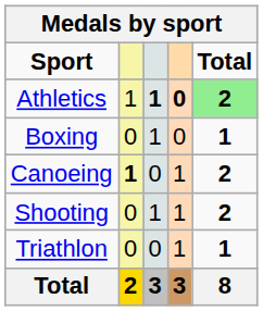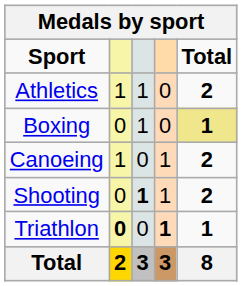 <table class=wikitable style="font-size:85%; float:right;text-align:center">
 <tr bgcolor=EFEFEF>
 <th colspan=7>Medals by sport</th>
 </tr>
 <tr>
 <td><strong>Sport</strong></td>
 <td bgcolor=F7F6A8></td>
 <td bgcolor=DCE5E5></td>
 <td bgcolor=FFDBA9></td>
 <td><strong>Total</strong></td>
 </tr>
 <tr>
 <td><a href='#'>Athletics</a></td>
 <td bgcolor=F7F6A8>1</td>
-<td bgcolor=DCE5E5><strong>1</strong></td>
-<td bgcolor=FFDAB9><strong>0</strong></td>
-<td style="background: lightgreen;"><strong>2</strong></td>
+<td bgcolor=DCE5E5>1</td>
+<td bgcolor=FFDAB9>0</td>
+<td><strong>2</strong></td>
 </tr>
 <tr>
 <td><a href='#'>Boxing</a></td>
 <td bgcolor=F7F6A8>0</td>
 <td bgcolor=DCE5E5>1</td>
 <td bgcolor=FFDAB9>0</td>
-<td><strong>1</strong></td>
+<td style="background: khaki;"><strong>1</strong></td>
 </tr>
 <tr>
 <td><a href='#'>Canoeing</a></td>
-<td bgcolor=F7F6A8><strong>1</strong></td>
+<td bgcolor=F7F6A8>1</td>
 <td bgcolor=DCE5E5>0</td>
 <td bgcolor=FFDAB9>1</td>
 <td><strong>2</strong></td>
 </tr>
 <tr>
 <td><a href='#'>Shooting</a></td>
 <td bgcolor=F7F6A8>0</td>
-<td bgcolor=DCE5E5>1</td>
+<td bgcolor=DCE5E5><strong>1</strong></td>
 <td bgcolor=FFDAB9>1</td>
 <td><strong>2</strong></td>
 </tr>
 <tr>
 <td><a href='#'>Triathlon</a></td>
-<td bgcolor=F7F6A8>0</td>
+<td bgcolor=F7F6A8><strong>0</strong></td>
 <td bgcolor=DCE5E5>0</td>
-<td bgcolor=FFDAB9>1</td>
+<td bgcolor=FFDAB9><strong>1</strong></td>
 <td><strong>1</strong></td>
 </tr>
 <tr>
 <th>Total</th>
 <th style=background:gold>2</th>
 <th style=background:silver>3</th>
 <th style=background:#C96>3</th>
 <th>8</th>
 </tr>
 </table>
